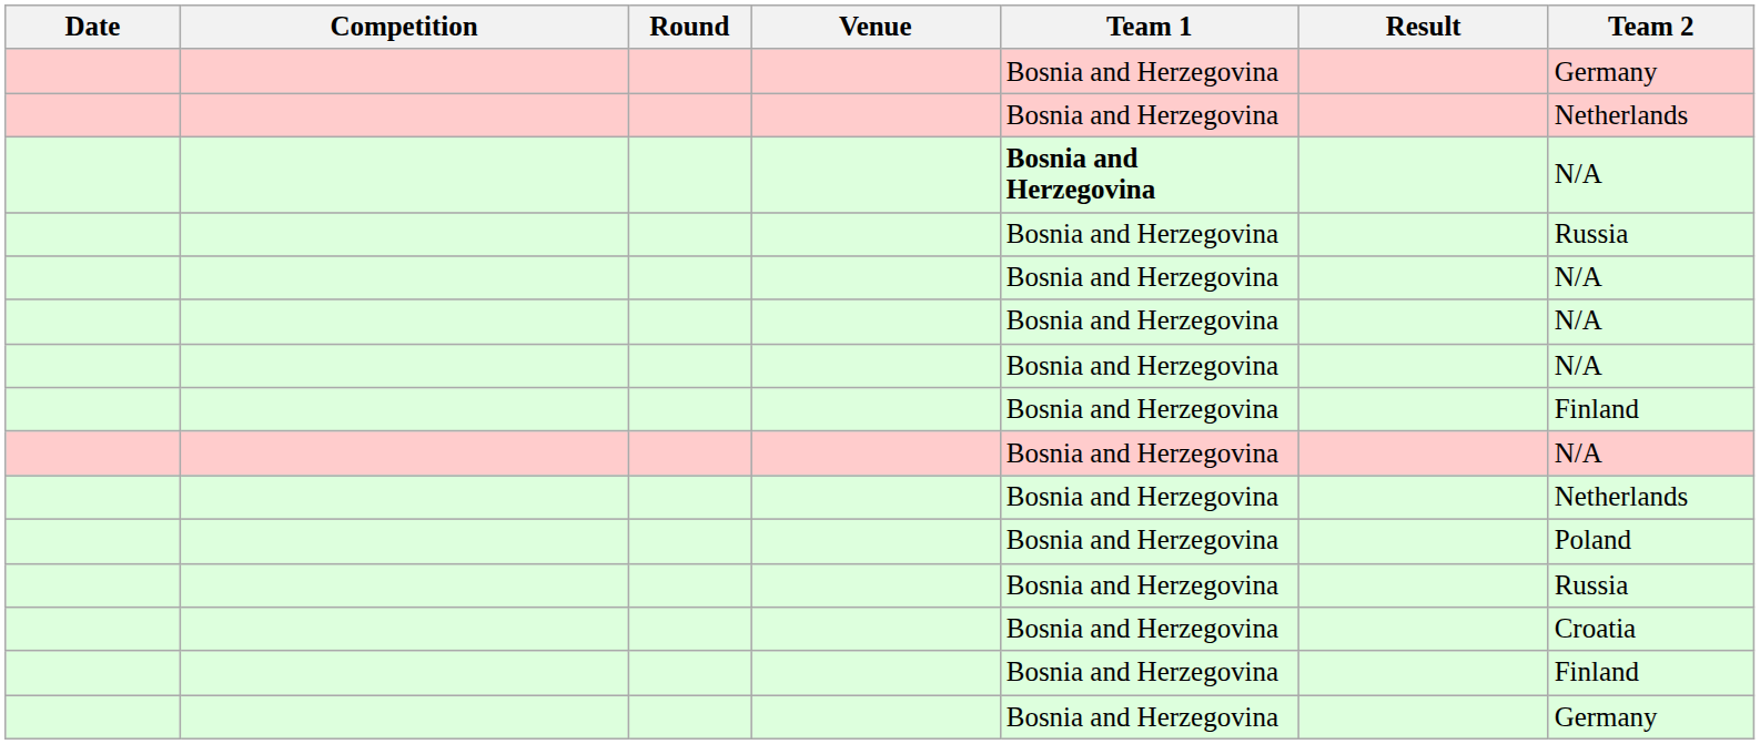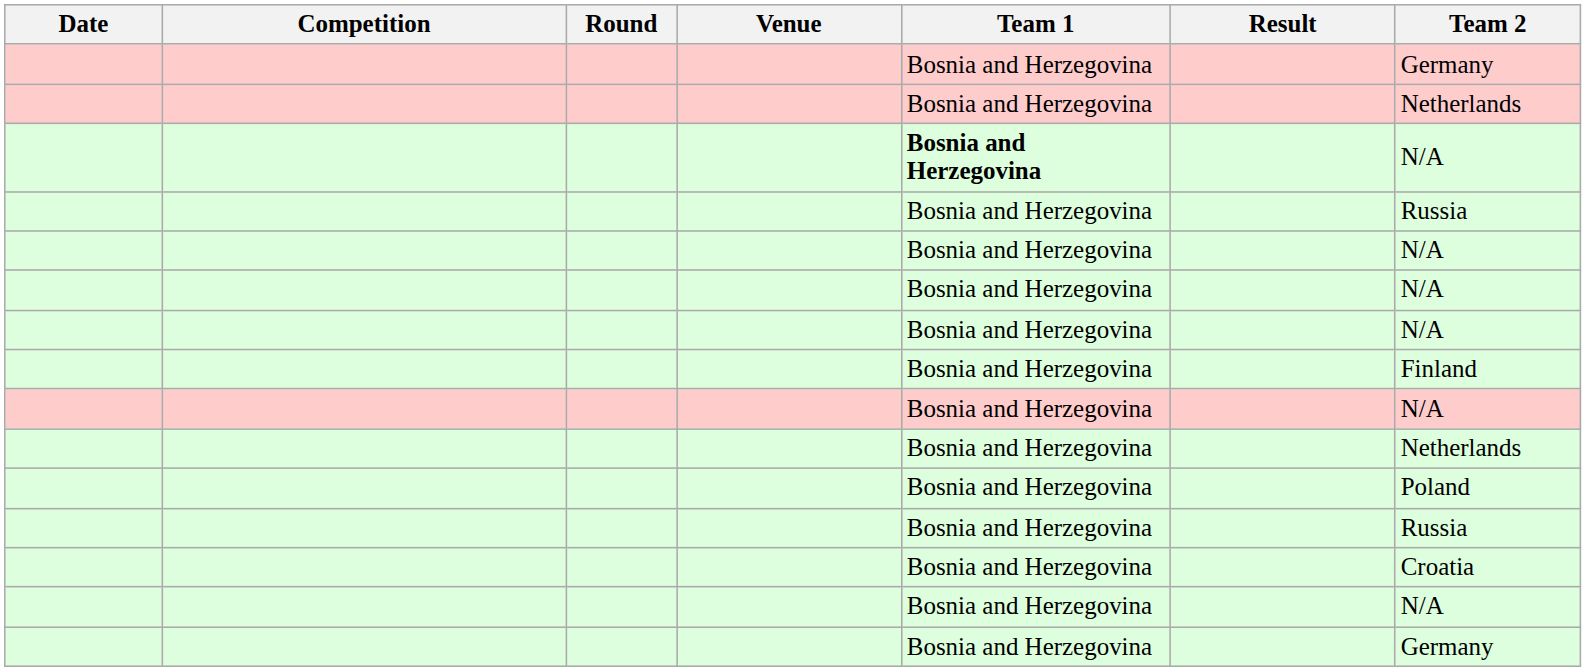 <table class="wikitable collapsible collapsed"  style="width:80%; text-align:left;">
 <tr>
 <th width=7%>Date</th>
 <th width=18%>Competition</th>
 <th width=4%>Round</th>
 <th width=10%>Venue</th>
 <th width=12%>Team 1</th>
 <th width=10%>Result</th>
 <th width=8%>Team 2</th>
 </tr>
 <tr style="background:#fcc;">
 <td></td>
 <td></td>
 <td></td>
 <td></td>
 <td> Bosnia and Herzegovina</td>
 <td><br></td>
 <td> Germany</td>
 </tr>
 <tr style="background:#fcc;">
 <td></td>
 <td></td>
 <td></td>
 <td></td>
 <td> Bosnia and Herzegovina</td>
 <td></td>
 <td> Netherlands</td>
 </tr>
 <tr style="background:#dfd;">
 <td></td>
 <td></td>
 <td></td>
 <td></td>
 <td><strong> Bosnia and Herzegovina</strong></td>
 <td></td>
 <td>N/A</td>
 </tr>
 <tr style="background:#dfd;">
 <td></td>
 <td></td>
 <td></td>
 <td></td>
 <td> Bosnia and Herzegovina</td>
 <td></td>
 <td> Russia</td>
 </tr>
 <tr style="background:#dfd;">
 <td></td>
 <td></td>
 <td></td>
 <td></td>
 <td> Bosnia and Herzegovina</td>
 <td></td>
 <td>N/A</td>
 </tr>
 <tr style="background:#dfd;">
 <td></td>
 <td></td>
 <td></td>
 <td></td>
 <td> Bosnia and Herzegovina</td>
 <td></td>
 <td>N/A</td>
 </tr>
 <tr style="background:#dfd;">
 <td></td>
 <td></td>
 <td></td>
 <td></td>
 <td> Bosnia and Herzegovina</td>
 <td></td>
 <td>N/A</td>
 </tr>
 <tr style="background:#dfd;">
 <td></td>
 <td></td>
 <td></td>
 <td></td>
 <td> Bosnia and Herzegovina</td>
 <td></td>
 <td> Finland</td>
 </tr>
 <tr style="background:#fcc;">
 <td></td>
 <td></td>
 <td></td>
 <td></td>
 <td> Bosnia and Herzegovina</td>
 <td></td>
 <td>N/A</td>
 </tr>
 <tr style="background:#dfd;">
 <td></td>
 <td></td>
 <td></td>
 <td></td>
 <td> Bosnia and Herzegovina</td>
 <td></td>
 <td> Netherlands</td>
 </tr>
 <tr style="background:#dfd;">
 <td></td>
 <td></td>
 <td></td>
 <td></td>
 <td> Bosnia and Herzegovina</td>
 <td></td>
 <td> Poland</td>
 </tr>
 <tr style="background:#dfd;">
 <td></td>
 <td></td>
 <td></td>
 <td></td>
 <td> Bosnia and Herzegovina</td>
 <td></td>
 <td> Russia</td>
 </tr>
 <tr style="background:#dfd;">
 <td></td>
 <td></td>
 <td></td>
 <td></td>
 <td> Bosnia and Herzegovina</td>
 <td></td>
 <td> Croatia</td>
 </tr>
 <tr style="background:#dfd;">
 <td></td>
 <td></td>
 <td></td>
 <td></td>
 <td> Bosnia and Herzegovina</td>
 <td></td>
-<td> Finland</td>
+<td>N/A</td>
 </tr>
 <tr style="background:#dfd;">
 <td></td>
 <td></td>
 <td></td>
 <td></td>
 <td> Bosnia and Herzegovina</td>
 <td></td>
 <td> Germany</td>
 </tr>
 </table>
